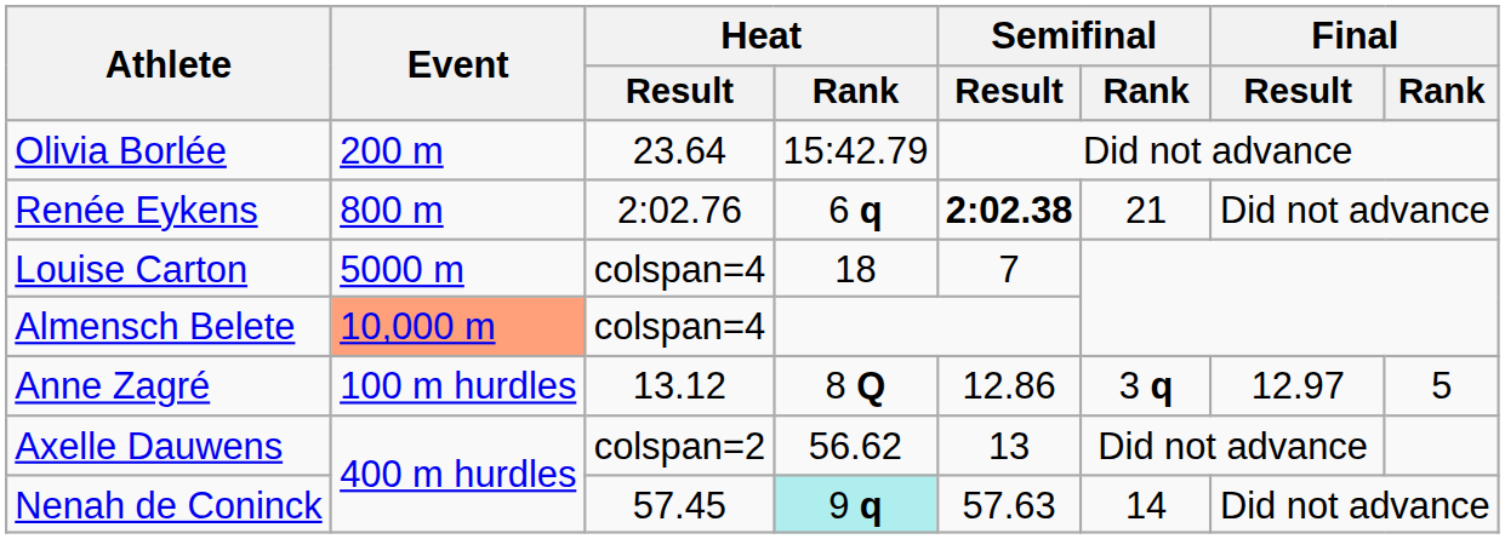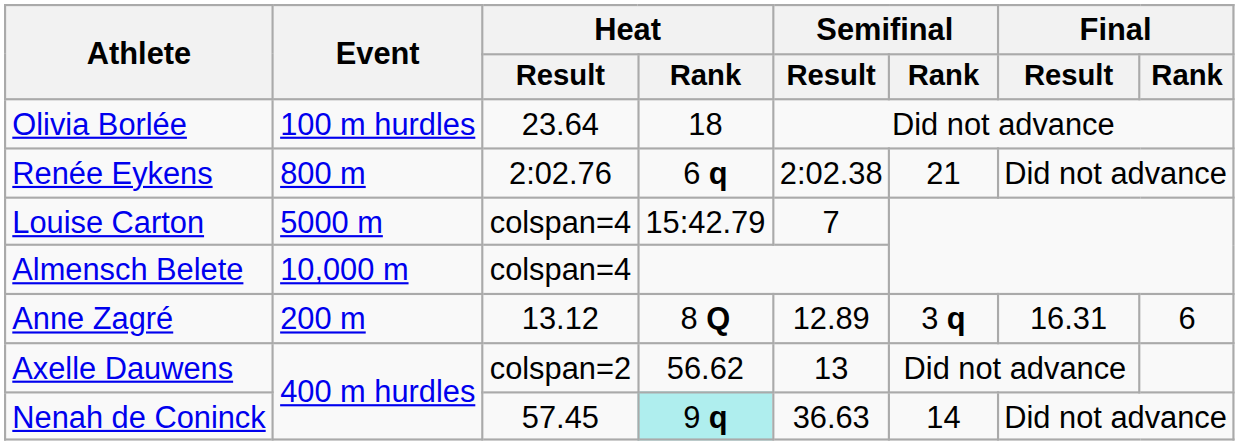 <table class="wikitable" style="font-size:90%">
 <tr>
 <th rowspan=2>Athlete</th>
 <th rowspan=2>Event</th>
 <th colspan=2>Heat</th>
 <th colspan=2>Semifinal</th>
 <th colspan=2>Final</th>
 </tr>
 <tr style="font-size:95%">
 <th>Result</th>
 <th>Rank</th>
 <th>Result</th>
 <th>Rank</th>
 <th>Result</th>
 <th>Rank</th>
 </tr>
 <tr align=center>
 <td align=left><a href='#'>Olivia Borlée</a></td>
-<td style="text-align:left;"><a href='#'>200 m</a></td>
+<td style="text-align:left;"><a href='#'>100 m hurdles</a></td>
 <td>23.64</td>
-<td>15:42.79</td>
+<td>18</td>
 <td colspan=4>Did not advance</td>
 </tr>
 <tr align=center>
 <td align=left><a href='#'>Renée Eykens</a></td>
 <td style="text-align:left;"><a href='#'>800 m</a></td>
 <td>2:02.76</td>
 <td>6 <strong>q</strong></td>
-<td><strong>2:02.38</strong></td>
+<td>2:02.38</td>
 <td>21</td>
 <td colspan=2>Did not advance</td>
 </tr>
 <tr align=center>
 <td align=left><a href='#'>Louise Carton</a></td>
 <td style="text-align:left;"><a href='#'>5000 m</a></td>
 <td>colspan=4 </td>
-<td>18</td>
+<td>15:42.79</td>
 <td>7</td>
 </tr>
 <tr align=center>
 <td align=left><a href='#'>Almensch Belete</a></td>
-<td style="background: lightsalmon; text-align:left;"><a href='#'>10,000 m</a></td>
+<td style="text-align:left;"><a href='#'>10,000 m</a></td>
 <td>colspan=4 </td>
 <td colspan=2></td>
 </tr>
 <tr align=center>
 <td align=left><a href='#'>Anne Zagré</a></td>
-<td style="text-align:left;"><a href='#'>100 m hurdles</a></td>
+<td style="text-align:left;"><a href='#'>200 m</a></td>
 <td>13.12</td>
 <td>8 <strong>Q</strong></td>
-<td>12.86 <strong></strong></td>
+<td>12.89 <strong></strong></td>
 <td>3 <strong>q</strong></td>
-<td>12.97</td>
-<td>5</td>
+<td>16.31</td>
+<td>6</td>
 </tr>
 <tr align=center>
 <td align=left><a href='#'>Axelle Dauwens</a></td>
 <td style="text-align:left;" rowspan=2><a href='#'>400 m hurdles</a></td>
 <td>colspan=2 </td>
 <td>56.62</td>
 <td>13</td>
 <td colspan=2>Did not advance</td>
 </tr>
 <tr align=center>
 <td align=left><a href='#'>Nenah de Coninck</a></td>
 <td>57.45</td>
 <td style="background: paleturquoise;">9 <strong>q</strong></td>
-<td>57.63</td>
+<td>36.63</td>
 <td>14</td>
 <td colspan=2>Did not advance</td>
 </tr>
 </table>
